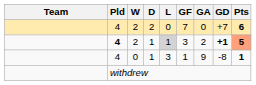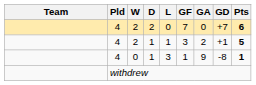 <table class="wikitable" style="text-align:center">
 <tr>
 <th width=165>Team</th>
 <th width=20>Pld</th>
 <th width=20>W</th>
 <th width=20>D</th>
 <th width=20>L</th>
 <th width=20>GF</th>
 <th width=20>GA</th>
 <th width=20>GD</th>
 <th width=20>Pts</th>
 </tr>
 <tr bgcolor="#ffebad">
 <td align="left"></td>
 <td>4</td>
 <td>2</td>
 <td>2</td>
 <td>0</td>
 <td>7</td>
 <td>0</td>
 <td>+7</td>
 <td><strong>6</strong></td>
 </tr>
 <tr>
 <td align="left"></td>
-<td><strong>4</strong></td>
+<td>4</td>
 <td>2</td>
 <td>1</td>
-<td style="background: lightgrey;">1</td>
+<td>1</td>
 <td>3</td>
 <td>2</td>
-<td><strong>+1</strong></td>
-<td style="background: lightsalmon;"><strong>5</strong></td>
+<td>+1</td>
+<td><strong>5</strong></td>
 </tr>
 <tr>
 <td align="left"></td>
 <td>4</td>
 <td>0</td>
 <td>1</td>
 <td>3</td>
 <td>1</td>
 <td>9</td>
 <td>-8</td>
 <td><strong>1</strong></td>
 </tr>
 <tr>
 <td align="left"></td>
 <td align="left" colspan="8"><em>withdrew</em></td>
 </tr>
 </table>
